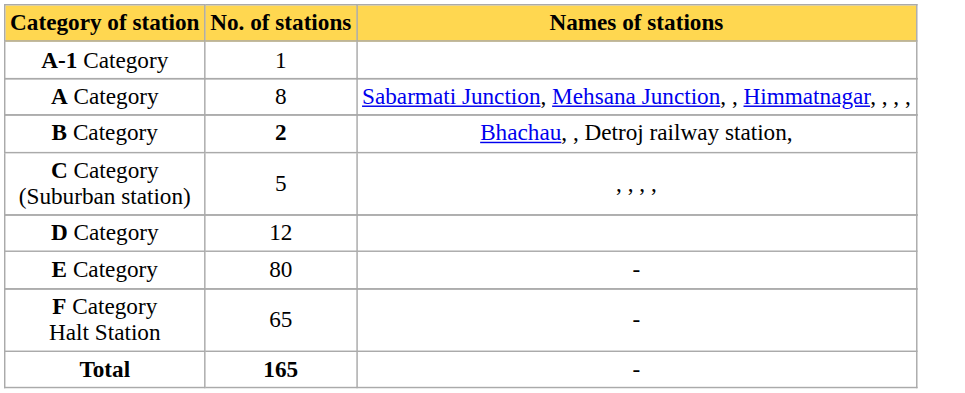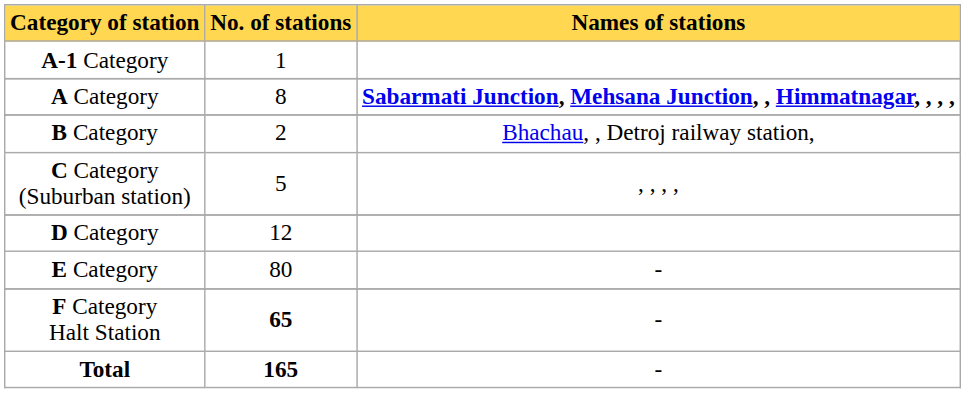 <table class="wikitable sortable" style="background:#fff;">
 <tr>
 <th style="background:#ffd750;" !>Category of station</th>
 <th style="background:#ffd750;" !>No. of stations</th>
 <th style="background:#ffd750;" !>Names of stations</th>
 </tr>
 <tr>
 <td style="text-align:center;"><strong>A-1</strong> Category</td>
 <td style="text-align:center;">1</td>
 <td style="text-align:center;"></td>
 </tr>
 <tr>
 </tr>
 <tr>
 <td style="text-align:center;"><strong>A</strong> Category</td>
 <td style="text-align:center;">8</td>
-<td style="text-align:center;"><a href='#'>Sabarmati Junction</a>, <a href='#'>Mehsana Junction</a>, , <a href='#'>Himmatnagar</a>, , , , </td>
+<td style="text-align:center;"><strong><a href='#'>Sabarmati Junction</a>, <a href='#'>Mehsana Junction</a>, , <a href='#'>Himmatnagar</a>, , , , </strong></td>
 </tr>
 <tr>
 </tr>
 <tr>
 <td style="text-align:center;"><strong>B</strong> Category</td>
-<td style="text-align:center;"><strong>2</strong></td>
+<td style="text-align:center;">2</td>
 <td style="text-align:center;"><a href='#'>Bhachau</a>, , Detroj railway station, </td>
 </tr>
 <tr>
 <td style="text-align:center;"><strong>C</strong> Category<br>(Suburban station)</td>
 <td style="text-align:center;">5</td>
 <td style="text-align:center;">, , , , </td>
 </tr>
 <tr>
 </tr>
 <tr>
 <td style="text-align:center;"><strong>D</strong> Category</td>
 <td style="text-align:center;">12</td>
 <td style="text-align:center;"></td>
 </tr>
 <tr>
 <td style="text-align:center;"><strong>E</strong> Category</td>
 <td style="text-align:center;">80</td>
 <td style="text-align:center;">-</td>
 </tr>
 <tr>
 </tr>
 <tr>
 <td style="text-align:center;"><strong>F</strong> Category<br>Halt Station</td>
-<td style="text-align:center;">65</td>
+<td style="text-align:center;"><strong>65</strong></td>
 <td style="text-align:center;">-</td>
 </tr>
 <tr>
 <td style="text-align:center;"><strong>Total</strong></td>
 <td style="text-align:center;"><strong>165</strong></td>
 <td style="text-align:center;">-</td>
 </tr>
 </table>
